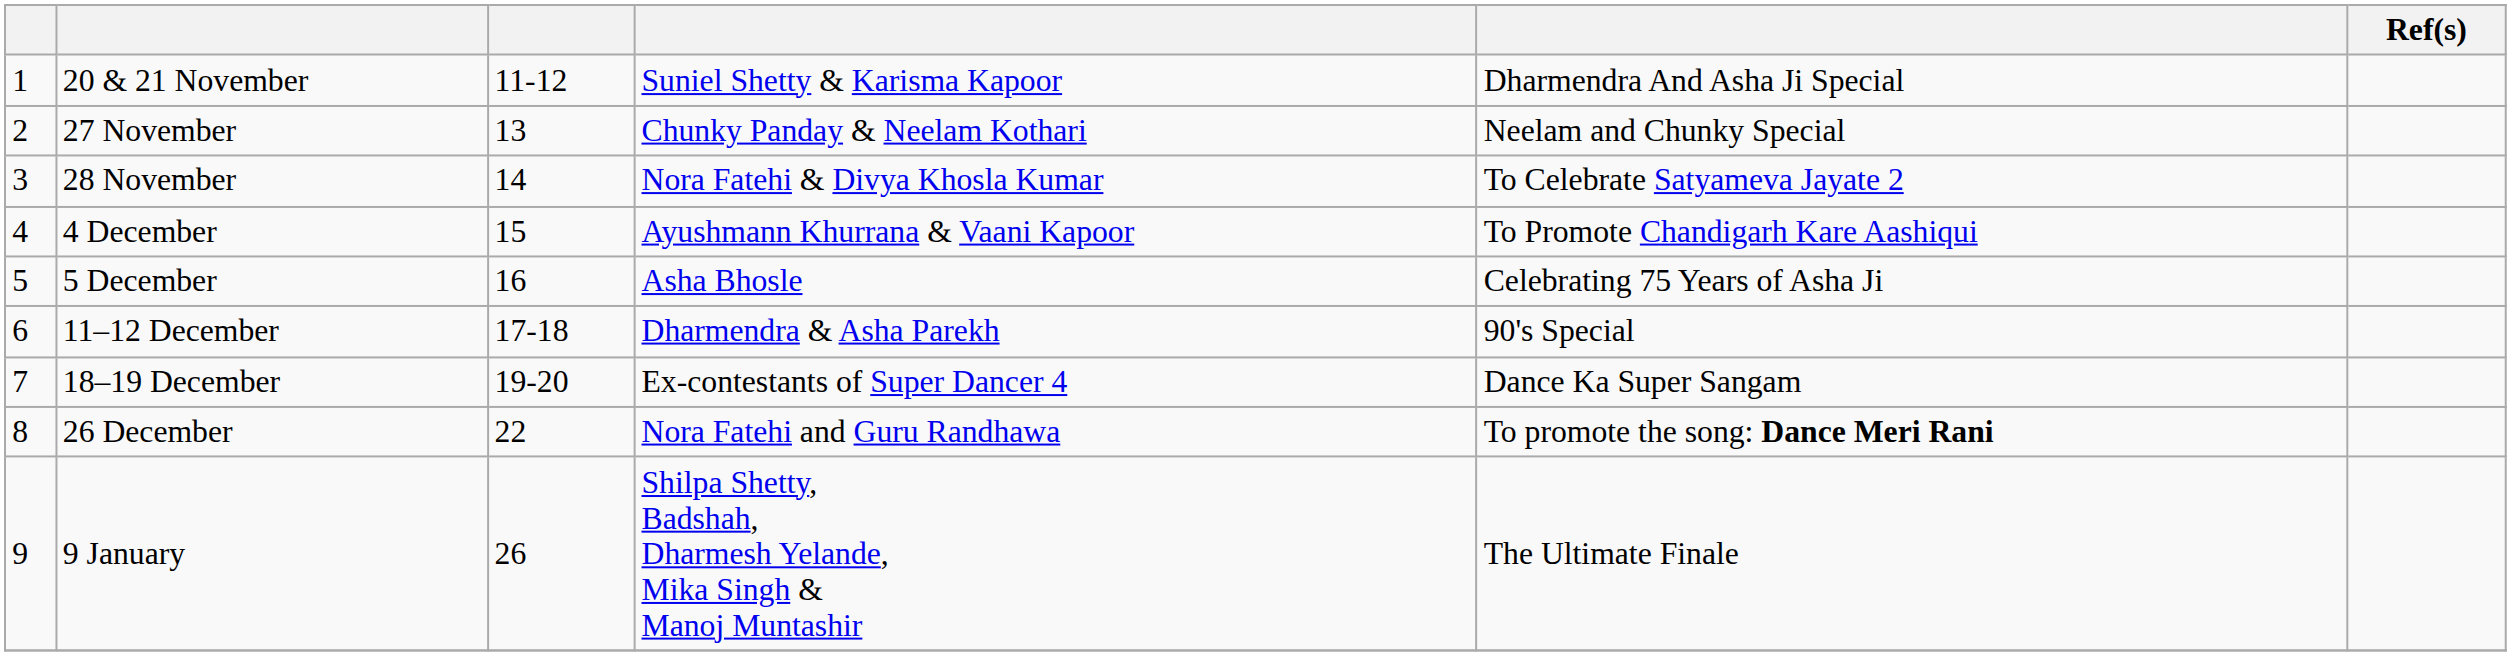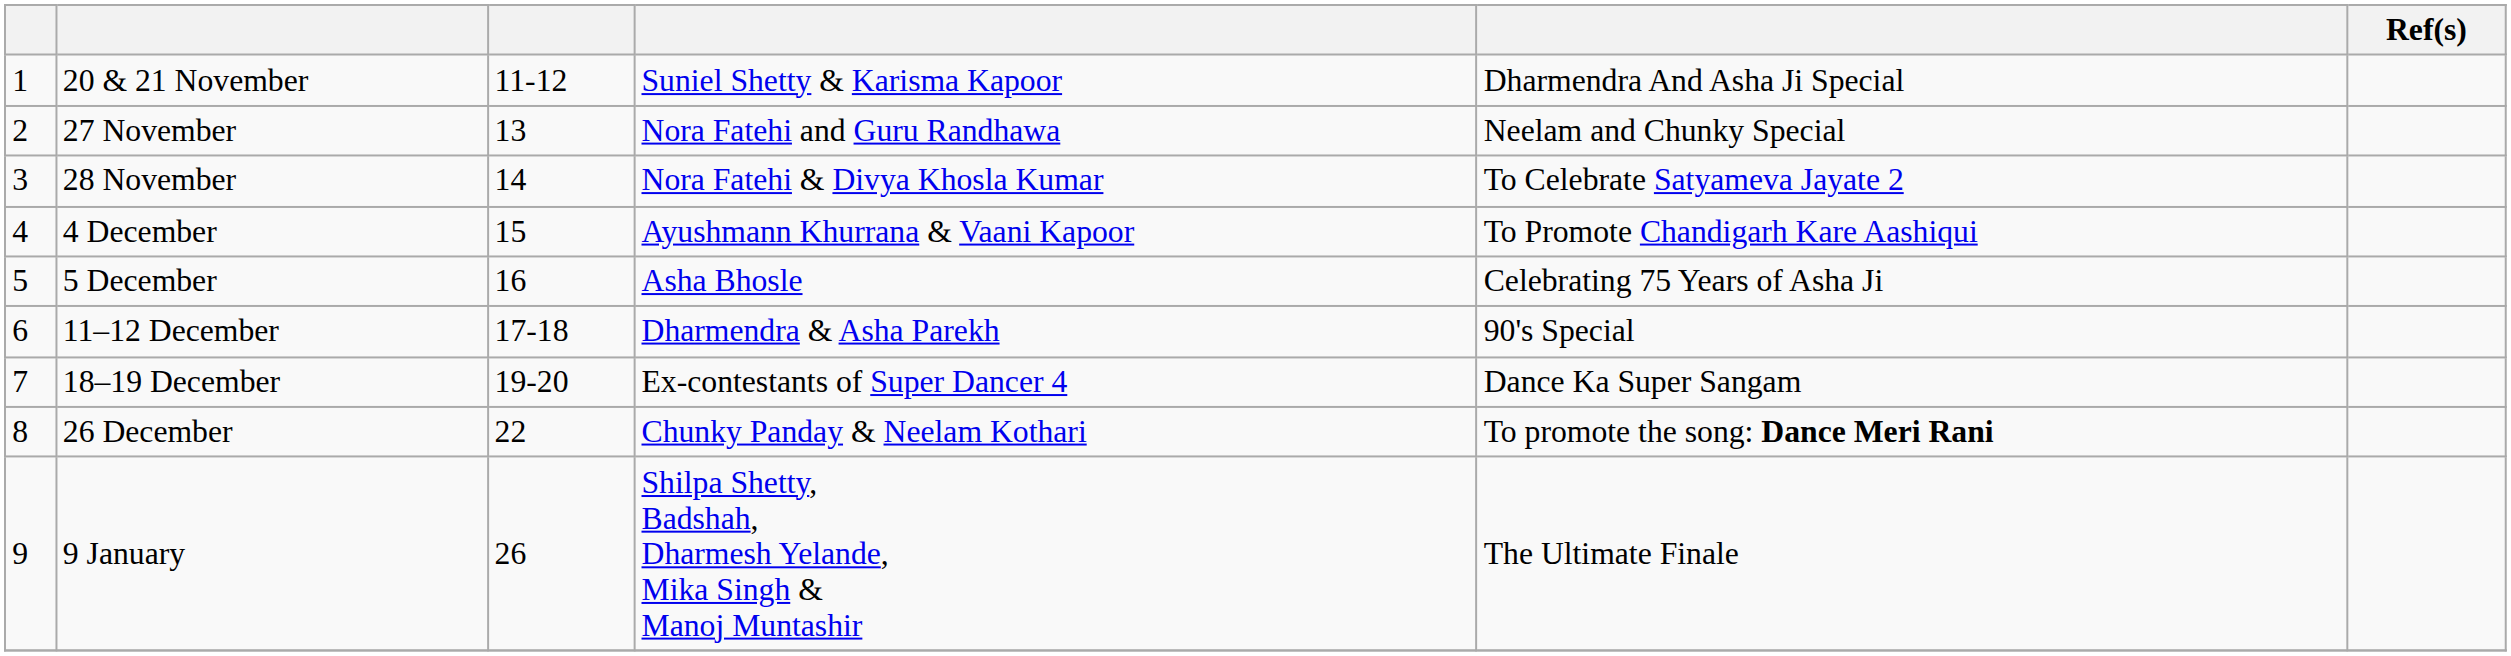 <table class="wikitable" style="width:100%;">
 <tr>
 <th></th>
 <th></th>
 <th></th>
 <th></th>
 <th></th>
 <th>Ref(s)</th>
 </tr>
 <tr>
 <td>1</td>
 <td>20 & 21 November</td>
 <td>11-12</td>
 <td><a href='#'>Suniel Shetty</a> & <a href='#'>Karisma Kapoor</a></td>
 <td>Dharmendra And Asha Ji Special</td>
 <td></td>
 </tr>
 <tr>
 <td>2</td>
 <td>27 November</td>
 <td>13</td>
-<td><a href='#'>Chunky Panday</a> & <a href='#'>Neelam Kothari</a></td>
+<td><a href='#'>Nora Fatehi</a> and <a href='#'>Guru Randhawa</a></td>
 <td>Neelam and Chunky Special</td>
 <td></td>
 </tr>
 <tr>
 <td>3</td>
 <td>28 November</td>
 <td>14</td>
 <td><a href='#'>Nora Fatehi</a> & <a href='#'>Divya Khosla Kumar</a></td>
 <td>To Celebrate <a href='#'>Satyameva Jayate 2</a></td>
 <td></td>
 </tr>
 <tr>
 <td>4</td>
 <td>4 December</td>
 <td>15</td>
 <td><a href='#'>Ayushmann Khurrana</a> & <a href='#'>Vaani Kapoor</a></td>
 <td>To Promote <a href='#'>Chandigarh Kare Aashiqui</a></td>
 <td></td>
 </tr>
 <tr>
 <td>5</td>
 <td>5 December</td>
 <td>16</td>
 <td><a href='#'>Asha Bhosle</a></td>
 <td>Celebrating 75 Years of Asha Ji</td>
 <td></td>
 </tr>
 <tr>
 <td>6</td>
 <td>11–12 December</td>
 <td>17-18</td>
 <td><a href='#'>Dharmendra</a> & <a href='#'>Asha Parekh</a></td>
 <td>90's Special</td>
 <td></td>
 </tr>
 <tr>
 <td>7</td>
 <td>18–19 December</td>
 <td>19-20</td>
 <td>Ex-contestants of <a href='#'>Super Dancer 4</a></td>
 <td>Dance Ka Super Sangam</td>
 <td></td>
 </tr>
 <tr>
 <td>8</td>
 <td>26 December</td>
 <td>22</td>
-<td><a href='#'>Nora Fatehi</a> and <a href='#'>Guru Randhawa</a></td>
+<td><a href='#'>Chunky Panday</a> & <a href='#'>Neelam Kothari</a></td>
 <td>To promote the song: <strong>Dance Meri Rani</strong></td>
 <td></td>
 </tr>
 <tr>
 <td>9</td>
 <td>9 January</td>
 <td>26</td>
 <td><a href='#'>Shilpa Shetty</a>,<br> <a href='#'>Badshah</a>,<br> <a href='#'>Dharmesh Yelande</a>,<br> <a href='#'>Mika Singh</a> &<br> <a href='#'>Manoj Muntashir</a></td>
 <td>The Ultimate Finale</td>
 <td></td>
 </tr>
 <tr>
 </tr>
 </table>
